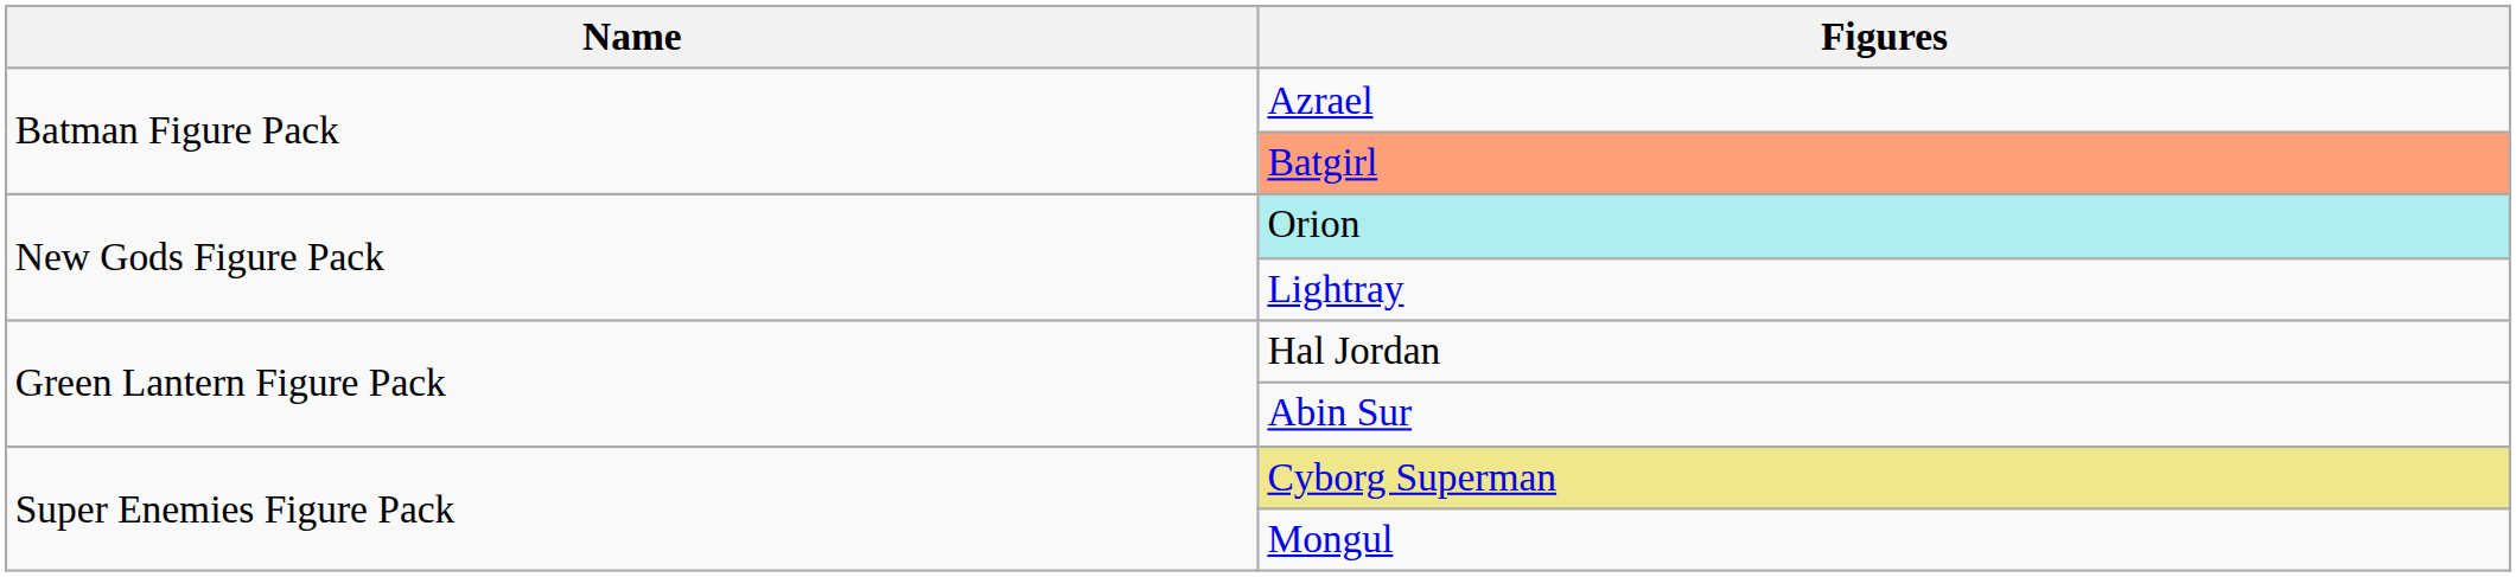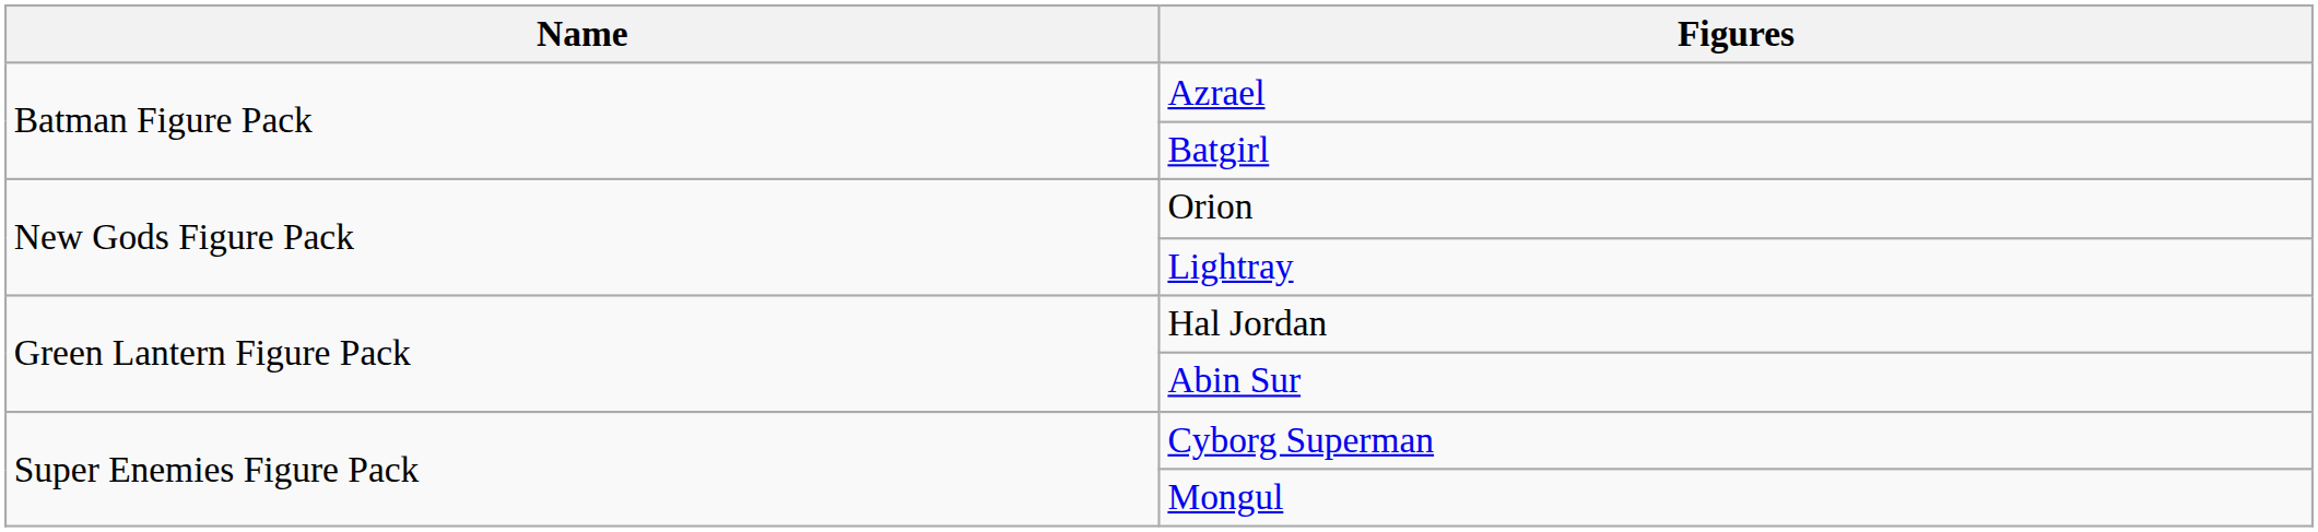 <table class="wikitable" style="width:80%;">
 <tr>
 <th width=20%><strong>Name</strong></th>
 <th width=20%><strong>Figures</strong></th>
 </tr>
 <tr>
 <td rowspan=2>Batman Figure Pack</td>
 <td><a href='#'>Azrael</a></td>
 </tr>
 <tr>
-<td style="background: lightsalmon;"><a href='#'>Batgirl</a></td>
+<td><a href='#'>Batgirl</a></td>
 </tr>
 <tr>
 <td rowspan=2>New Gods Figure Pack</td>
-<td style="background: paleturquoise;">Orion</td>
+<td>Orion</td>
 </tr>
 <tr>
 <td><a href='#'>Lightray</a></td>
 </tr>
 <tr>
 <td rowspan=2>Green Lantern Figure Pack</td>
 <td>Hal Jordan</td>
 </tr>
 <tr>
 <td><a href='#'>Abin Sur</a></td>
 </tr>
 <tr>
 <td rowspan=2>Super Enemies Figure Pack</td>
-<td style="background: khaki;"><a href='#'>Cyborg Superman</a></td>
+<td><a href='#'>Cyborg Superman</a></td>
 </tr>
 <tr>
 <td><a href='#'>Mongul</a></td>
 </tr>
 </table>
